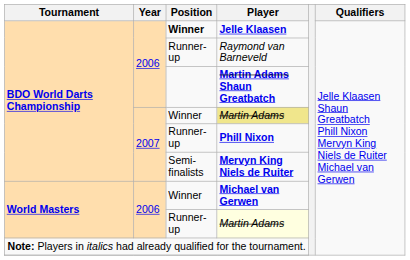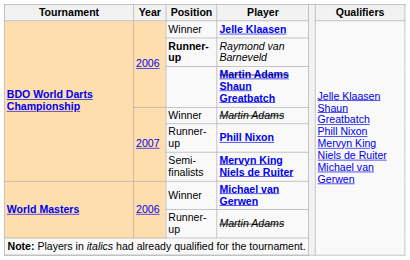 <table class="wikitable">
 <tr>
 <th width=300>Tournament</th>
 <th width=50>Year</th>
 <th width=80>Position</th>
 <th width=200>Player</th>
 <th rowspan=13 width=5></th>
 <th width=200>Qualifiers</th>
 </tr>
 <tr>
 <td rowspan="6" style="background:#ffdead;"><strong><a href='#'>BDO World Darts Championship</a></strong></td>
 <td rowspan="3" style="background:#ffdead;"><a href='#'>2006</a></td>
-<td><strong>Winner</strong></td>
+<td>Winner</td>
 <td> <strong><a href='#'>Jelle Klaasen</a></strong></td>
 <td rowspan=12> <a href='#'>Jelle Klaasen</a><br> <a href='#'>Shaun Greatbatch</a><br> <a href='#'>Phill Nixon</a><br> <a href='#'>Mervyn King</a><br>  <a href='#'>Niels de Ruiter</a><br> <a href='#'>Michael van Gerwen</a></td>
 </tr>
 <tr>
-<td>Runner-up</td>
+<td><strong>Runner-up</strong></td>
 <td> <em>Raymond van Barneveld</em></td>
 </tr>
 <tr>
 <td></td>
 <td> <s><strong><a href='#'>Martin Adams</a></strong></s><br> <strong><a href='#'>Shaun Greatbatch</a></strong></td>
 </tr>
 <tr>
 <td rowspan="3" style="background:#ffdead;"><a href='#'>2007</a></td>
 <td>Winner</td>
-<td style="background: khaki;"> <s><em>Martin Adams</em></s></td>
+<td> <s><em>Martin Adams</em></s></td>
 </tr>
 <tr>
 <td>Runner-up</td>
 <td> <strong><a href='#'>Phill Nixon</a></strong></td>
 </tr>
 <tr>
 <td>Semi-finalists</td>
 <td> <strong><a href='#'>Mervyn King</a></strong><br> <strong><a href='#'>Niels de Ruiter</a></strong></td>
 </tr>
 <tr>
 <td rowspan="2" style="background:#ffdead;"><strong><a href='#'>World Masters</a></strong></td>
 <td rowspan="2" style="background:#ffdead;"><a href='#'>2006</a></td>
 <td>Winner</td>
 <td> <strong><a href='#'>Michael van Gerwen</a></strong></td>
 </tr>
 <tr>
 <td>Runner-up</td>
-<td style="background: lightyellow;"> <s><em>Martin Adams</em></s></td>
+<td> <s><em>Martin Adams</em></s></td>
 </tr>
 <tr>
 <td colspan=4 align=center><strong>Note:</strong> Players in <em>italics</em> had already qualified for the tournament.</td>
 </tr>
 <tr>
 </tr>
 </table>
